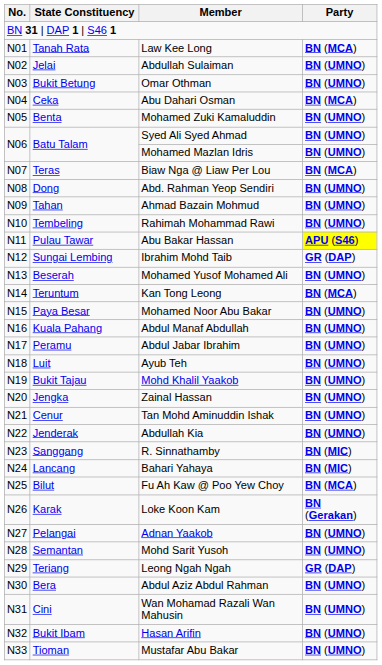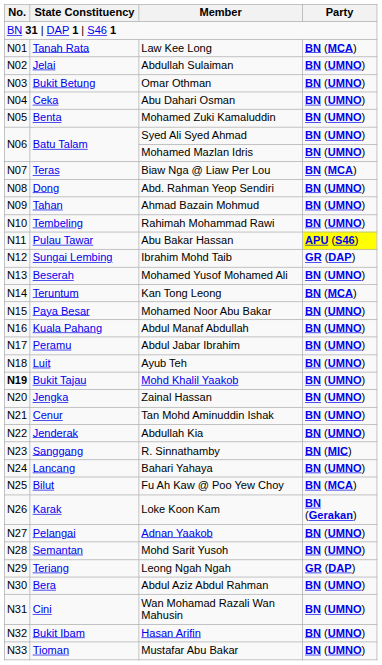 <table class="wikitable sortable">
 <tr>
 <th style="width:30px;">No.</th>
 <th style="width:150px;">State Constituency</th>
 <th style="width:230px;">Member</th>
 <th style="width:100px;">Party</th>
 </tr>
 <tr>
 <td colspan="4"><a href='#'>BN</a> <strong>31</strong> | <a href='#'>DAP</a> <strong>1</strong> | <a href='#'>S46</a> <strong>1</strong></td>
 </tr>
 <tr>
 <td>N01</td>
 <td><a href='#'>Tanah Rata</a></td>
 <td>Law Kee Long</td>
 <td><strong><a href='#'>BN</a></strong> (<strong><a href='#'>MCA</a></strong>)</td>
 </tr>
 <tr>
 <td>N02</td>
 <td><a href='#'>Jelai</a></td>
 <td>Abdullah Sulaiman</td>
 <td><strong><a href='#'>BN</a></strong> (<strong><a href='#'>UMNO</a></strong>)</td>
 </tr>
 <tr>
 <td>N03</td>
 <td><a href='#'>Bukit Betung</a></td>
 <td>Omar Othman</td>
 <td><strong><a href='#'>BN</a></strong> (<strong><a href='#'>UMNO</a></strong>)</td>
 </tr>
 <tr>
 <td>N04</td>
 <td><a href='#'>Ceka</a></td>
 <td>Abu Dahari Osman</td>
-<td><strong><a href='#'>BN</a></strong> (<strong><a href='#'>MCA</a></strong>)</td>
+<td><strong><a href='#'>BN</a></strong> (<strong><a href='#'>UMNO</a></strong>)</td>
 </tr>
 <tr>
 <td>N05</td>
 <td><a href='#'>Benta</a></td>
 <td>Mohamed Zuki Kamaluddin</td>
 <td><strong><a href='#'>BN</a></strong> (<strong><a href='#'>UMNO</a></strong>)</td>
 </tr>
 <tr>
 <td rowspan=2>N06</td>
 <td rowspan=2><a href='#'>Batu Talam</a></td>
 <td>Syed Ali Syed Ahmad </td>
 <td><strong><a href='#'>BN</a></strong> (<strong><a href='#'>UMNO</a></strong>)</td>
 </tr>
 <tr>
 <td>Mohamed Mazlan Idris </td>
 <td><strong><a href='#'>BN</a></strong> (<strong><a href='#'>UMNO</a></strong>)</td>
 </tr>
 <tr>
 <td>N07</td>
 <td><a href='#'>Teras</a></td>
 <td>Biaw Nga @ Liaw Per Lou</td>
 <td><strong><a href='#'>BN</a></strong> (<strong><a href='#'>MCA</a></strong>)</td>
 </tr>
 <tr>
 <td>N08</td>
 <td><a href='#'>Dong</a></td>
 <td>Abd. Rahman Yeop Sendiri</td>
 <td><strong><a href='#'>BN</a></strong> (<strong><a href='#'>UMNO</a></strong>)</td>
 </tr>
 <tr>
 <td>N09</td>
 <td><a href='#'>Tahan</a></td>
 <td>Ahmad Bazain Mohmud</td>
 <td><strong><a href='#'>BN</a></strong> (<strong><a href='#'>UMNO</a></strong>)</td>
 </tr>
 <tr>
 <td>N10</td>
 <td><a href='#'>Tembeling</a></td>
 <td>Rahimah Mohammad Rawi</td>
 <td><strong><a href='#'>BN</a></strong> (<strong><a href='#'>UMNO</a></strong>)</td>
 </tr>
 <tr>
 <td>N11</td>
 <td><a href='#'>Pulau Tawar</a></td>
 <td>Abu Bakar Hassan</td>
 <td bgcolor="yellow"><strong><a href='#'>APU</a></strong> (<strong><a href='#'>S46</a></strong>)</td>
 </tr>
 <tr>
 <td>N12</td>
 <td><a href='#'>Sungai Lembing</a></td>
 <td>Ibrahim Mohd Taib</td>
 <td><strong><a href='#'>GR</a></strong> (<strong><a href='#'>DAP</a></strong>)</td>
 </tr>
 <tr>
 <td>N13</td>
 <td><a href='#'>Beserah</a></td>
 <td>Mohamed Yusof Mohamed Ali</td>
 <td><strong><a href='#'>BN</a></strong> (<strong><a href='#'>UMNO</a></strong>)</td>
 </tr>
 <tr>
 <td>N14</td>
 <td><a href='#'>Teruntum</a></td>
 <td>Kan Tong Leong</td>
 <td><strong><a href='#'>BN</a></strong> (<strong><a href='#'>MCA</a></strong>)</td>
 </tr>
 <tr>
 <td>N15</td>
 <td><a href='#'>Paya Besar</a></td>
 <td>Mohamed Noor Abu Bakar</td>
 <td><strong><a href='#'>BN</a></strong> (<strong><a href='#'>UMNO</a></strong>)</td>
 </tr>
 <tr>
 <td>N16</td>
 <td><a href='#'>Kuala Pahang</a></td>
 <td>Abdul Manaf Abdullah</td>
 <td><strong><a href='#'>BN</a></strong> (<strong><a href='#'>UMNO</a></strong>)</td>
 </tr>
 <tr>
 <td>N17</td>
 <td><a href='#'>Peramu</a></td>
 <td>Abdul Jabar Ibrahim</td>
 <td><strong><a href='#'>BN</a></strong> (<strong><a href='#'>UMNO</a></strong>)</td>
 </tr>
 <tr>
 <td>N18</td>
 <td><a href='#'>Luit</a></td>
 <td>Ayub Teh</td>
 <td><strong><a href='#'>BN</a></strong> (<strong><a href='#'>UMNO</a></strong>)</td>
 </tr>
 <tr>
-<td>N19</td>
+<td><strong>N19</strong></td>
 <td><a href='#'>Bukit Tajau</a></td>
 <td><a href='#'>Mohd Khalil Yaakob</a></td>
 <td><strong><a href='#'>BN</a></strong> (<strong><a href='#'>UMNO</a></strong>)</td>
 </tr>
 <tr>
 <td>N20</td>
 <td><a href='#'>Jengka</a></td>
 <td>Zainal Hassan</td>
 <td><strong><a href='#'>BN</a></strong> (<strong><a href='#'>UMNO</a></strong>)</td>
 </tr>
 <tr>
 <td>N21</td>
 <td><a href='#'>Cenur</a></td>
 <td>Tan Mohd Aminuddin Ishak</td>
 <td><strong><a href='#'>BN</a></strong> (<strong><a href='#'>UMNO</a></strong>)</td>
 </tr>
 <tr>
 <td>N22</td>
 <td><a href='#'>Jenderak</a></td>
 <td>Abdullah Kia</td>
 <td><strong><a href='#'>BN</a></strong> (<strong><a href='#'>UMNO</a></strong>)</td>
 </tr>
 <tr>
 <td>N23</td>
 <td><a href='#'>Sanggang</a></td>
 <td>R. Sinnathamby</td>
 <td><strong><a href='#'>BN</a></strong> (<strong><a href='#'>MIC</a></strong>)</td>
 </tr>
 <tr>
 <td>N24</td>
 <td><a href='#'>Lancang</a></td>
 <td>Bahari Yahaya</td>
-<td><strong><a href='#'>BN</a></strong> (<strong><a href='#'>MIC</a></strong>)</td>
+<td><strong><a href='#'>BN</a></strong> (<strong><a href='#'>UMNO</a></strong>)</td>
 </tr>
 <tr>
 <td>N25</td>
 <td><a href='#'>Bilut</a></td>
 <td>Fu Ah Kaw @ Poo Yew Choy</td>
 <td><strong><a href='#'>BN</a></strong> (<strong><a href='#'>MCA</a></strong>)</td>
 </tr>
 <tr>
 <td>N26</td>
 <td><a href='#'>Karak</a></td>
 <td>Loke Koon Kam</td>
 <td><strong><a href='#'>BN</a></strong> (<strong><a href='#'>Gerakan</a></strong>)</td>
 </tr>
 <tr>
 <td>N27</td>
 <td><a href='#'>Pelangai</a></td>
 <td><a href='#'>Adnan Yaakob</a></td>
 <td><strong><a href='#'>BN</a></strong> (<strong><a href='#'>UMNO</a></strong>)</td>
 </tr>
 <tr>
 <td>N28</td>
 <td><a href='#'>Semantan</a></td>
 <td>Mohd Sarit Yusoh</td>
 <td><strong><a href='#'>BN</a></strong> (<strong><a href='#'>UMNO</a></strong>)</td>
 </tr>
 <tr>
 <td>N29</td>
 <td><a href='#'>Teriang</a></td>
 <td>Leong Ngah Ngah</td>
 <td><strong><a href='#'>GR</a></strong> (<strong><a href='#'>DAP</a></strong>)</td>
 </tr>
 <tr>
 <td>N30</td>
 <td><a href='#'>Bera</a></td>
 <td>Abdul Aziz Abdul Rahman</td>
 <td><strong><a href='#'>BN</a></strong> (<strong><a href='#'>UMNO</a></strong>)</td>
 </tr>
 <tr>
 <td>N31</td>
 <td><a href='#'>Cini</a></td>
 <td>Wan Mohamad Razali Wan Mahusin</td>
 <td><strong><a href='#'>BN</a></strong> (<strong><a href='#'>UMNO</a></strong>)</td>
 </tr>
 <tr>
 <td>N32</td>
 <td><a href='#'>Bukit Ibam</a></td>
 <td><a href='#'>Hasan Arifin</a></td>
 <td><strong><a href='#'>BN</a></strong> (<strong><a href='#'>UMNO</a></strong>)</td>
 </tr>
 <tr>
 <td>N33</td>
 <td><a href='#'>Tioman</a></td>
 <td>Mustafar Abu Bakar</td>
 <td><strong><a href='#'>BN</a></strong> (<strong><a href='#'>UMNO</a></strong>)</td>
 </tr>
 </table>
